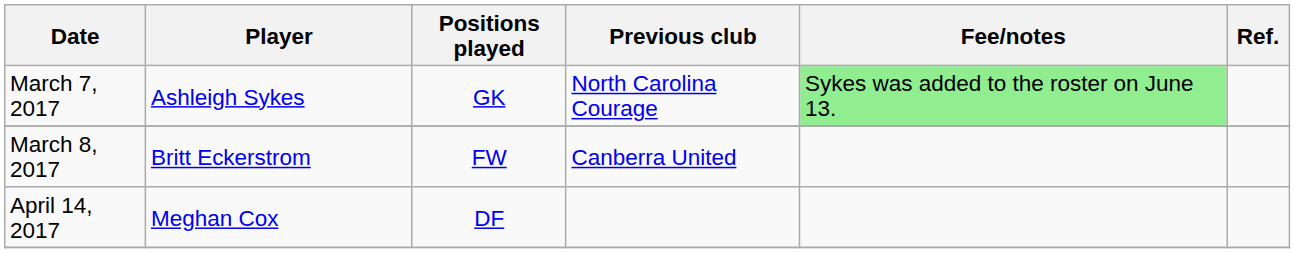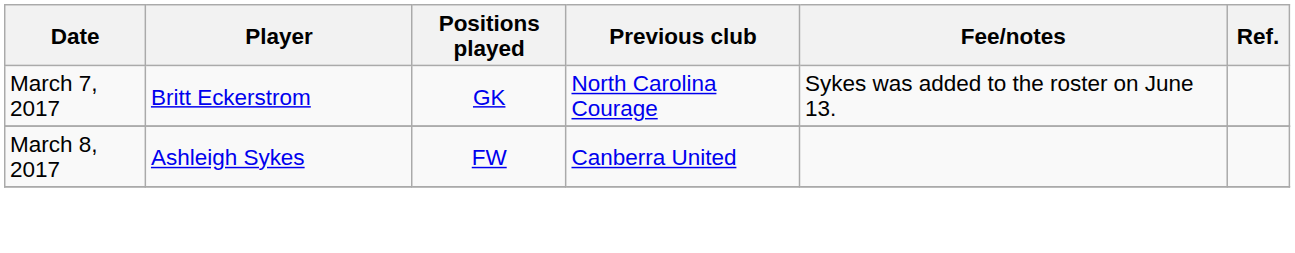 <table class="wikitable" style="text-align:left; font-size:95%;">
 <tr>
 <th style="width:125px;">Date</th>
 <th style="width:250px;">Player</th>
 <th style="width:120px;">Positions played</th>
 <th style="width:220px;">Previous club</th>
 <th style="width:450px;">Fee/notes</th>
 <th style="width:40px;">Ref.</th>
 </tr>
 <tr>
 <td>March 7, 2017</td>
-<td> <a href='#'>Ashleigh Sykes</a></td>
+<td> <a href='#'>Britt Eckerstrom</a></td>
 <td style="text-align:center;"><a href='#'>GK</a></td>
 <td> <a href='#'>North Carolina Courage</a></td>
-<td style="background: lightgreen;">Sykes was added to the roster on June 13.</td>
+<td>Sykes was added to the roster on June 13.</td>
 <td></td>
 </tr>
 <tr>
 </tr>
 <tr>
 <td>March 8, 2017</td>
-<td> <a href='#'>Britt Eckerstrom</a></td>
+<td> <a href='#'>Ashleigh Sykes</a></td>
 <td style="text-align:center;"><a href='#'>FW</a></td>
 <td> <a href='#'>Canberra United</a></td>
 <td></td>
 <td></td>
 </tr>
 <tr>
-<td>April 14, 2017</td>
-<td> <a href='#'>Meghan Cox</a></td>
-<td style="text-align:center;"><a href='#'>DF</a></td>
-<td></td>
-<td></td>
-<td></td>
-</tr>
-<tr>
 </tr>
 </table>
